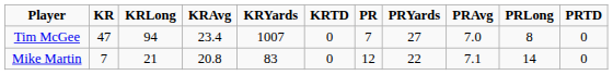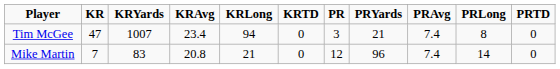 <table class="wikitable" width="80%">
 <tr align="center">
 <td><strong>Player</strong></td>
 <td><strong>KR</strong></td>
+<td><strong>KRYards</strong></td>
+<td><strong>KRAvg</strong></td>
 <td><strong>KRLong</strong></td>
-<td><strong>KRAvg</strong></td>
-<td><strong>KRYards</strong></td>
 <td><strong>KRTD</strong></td>
 <td><strong>PR</strong></td>
 <td><strong>PRYards</strong></td>
 <td><strong>PRAvg</strong></td>
 <td><strong>PRLong</strong></td>
 <td><strong>PRTD</strong></td>
 </tr>
 <tr align="center" bgcolor="">
 <td><a href='#'>Tim McGee</a></td>
 <td>47</td>
+<td>1007</td>
+<td>23.4</td>
 <td>94</td>
-<td>23.4</td>
-<td>1007</td>
 <td>0</td>
-<td>7</td>
-<td>27</td>
-<td>7.0</td>
+<td>3</td>
+<td>21</td>
+<td>7.4</td>
 <td>8</td>
 <td>0</td>
 </tr>
 <tr align="center" bgcolor="">
 <td><a href='#'>Mike Martin</a></td>
 <td>7</td>
+<td>83</td>
+<td>20.8</td>
 <td>21</td>
-<td>20.8</td>
-<td>83</td>
 <td>0</td>
 <td>12</td>
-<td>22</td>
-<td>7.1</td>
+<td>96</td>
+<td>7.4</td>
 <td>14</td>
 <td>0</td>
 </tr>
 </table>
